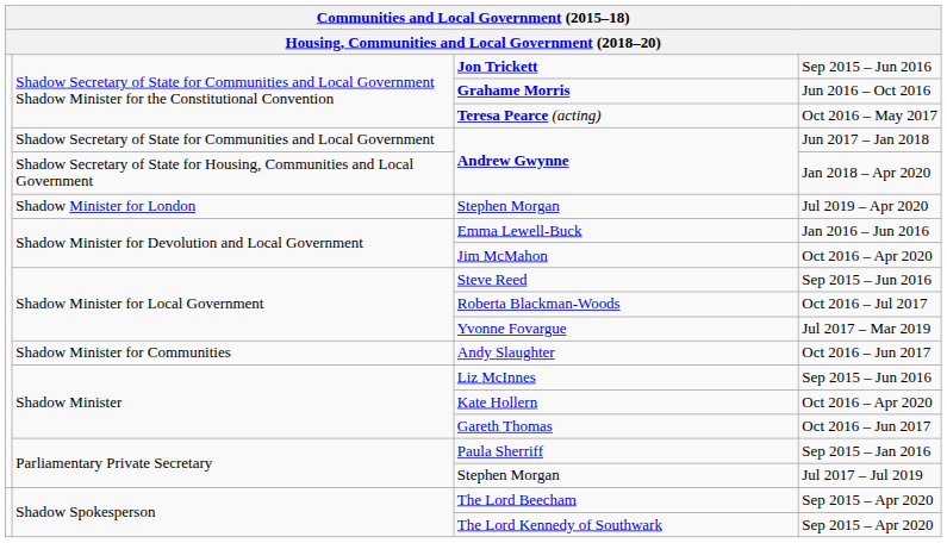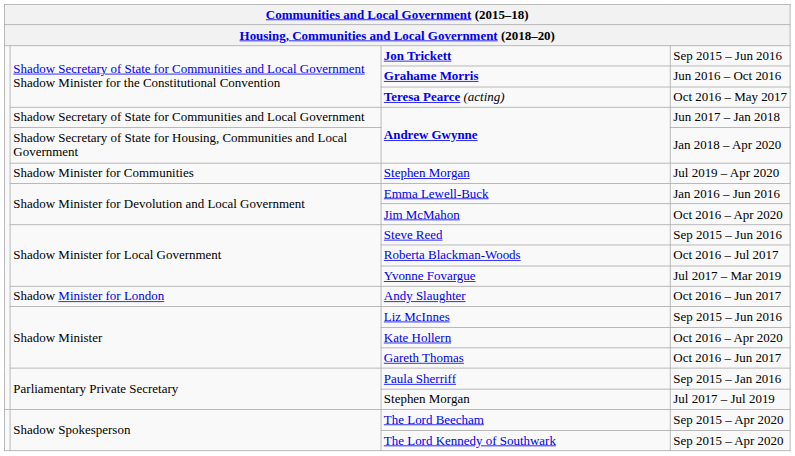 <table class="wikitable">
 <tr>
 <th colspan="4"><a href='#'>Communities and Local Government</a> (2015–18)</th>
 </tr>
 <tr>
 <th colspan="4"><a href='#'>Housing, Communities and Local Government</a> (2018–20)</th>
 </tr>
 <tr>
 <td rowspan="17" style="background: "></td>
 <td rowspan="3" style="width: 450px;"><a href='#'>Shadow Secretary of State for Communities and Local Government</a><br>Shadow Minister for the Constitutional Convention</td>
 <td style="width: 350px;"><strong><a href='#'>Jon Trickett</a></strong></td>
 <td>Sep 2015 – Jun 2016</td>
 </tr>
 <tr>
 <td><strong><a href='#'>Grahame Morris</a></strong></td>
 <td>Jun 2016 – Oct 2016</td>
 </tr>
 <tr>
 <td><strong><a href='#'>Teresa Pearce</a></strong> <em>(acting)</em></td>
 <td>Oct 2016 – May 2017</td>
 </tr>
 <tr>
 <td>Shadow Secretary of State for Communities and Local Government</td>
 <td rowspan="2"><strong><a href='#'>Andrew Gwynne</a></strong></td>
 <td>Jun 2017 – Jan 2018</td>
 </tr>
 <tr>
 <td>Shadow Secretary of State for Housing, Communities and Local Government</td>
 <td>Jan 2018 – Apr 2020</td>
 </tr>
 <tr>
-<td>Shadow <a href='#'>Minister for London</a></td>
+<td>Shadow Minister for Communities</td>
 <td><a href='#'>Stephen Morgan</a></td>
 <td>Jul 2019 – Apr 2020</td>
 </tr>
 <tr>
 <td rowspan="2">Shadow Minister for Devolution and Local Government</td>
 <td><a href='#'>Emma Lewell-Buck</a></td>
 <td>Jan 2016 – Jun 2016</td>
 </tr>
 <tr>
 <td><a href='#'>Jim McMahon</a></td>
 <td>Oct 2016 – Apr 2020</td>
 </tr>
 <tr>
 <td rowspan="3">Shadow Minister for Local Government</td>
 <td colspan="1"><a href='#'>Steve Reed</a></td>
 <td>Sep 2015 – Jun 2016</td>
 </tr>
 <tr>
 <td><a href='#'>Roberta Blackman-Woods</a></td>
 <td>Oct 2016 – Jul 2017</td>
 </tr>
 <tr>
 <td><a href='#'>Yvonne Fovargue</a></td>
 <td>Jul 2017 – Mar 2019</td>
 </tr>
 <tr>
-<td>Shadow Minister for Communities</td>
+<td>Shadow <a href='#'>Minister for London</a></td>
 <td><a href='#'>Andy Slaughter</a></td>
 <td>Oct 2016 – Jun 2017</td>
 </tr>
 <tr>
 <td rowspan="3">Shadow Minister</td>
 <td colspan="1"><a href='#'>Liz McInnes</a></td>
 <td>Sep 2015 – Jun 2016</td>
 </tr>
 <tr>
 <td><a href='#'>Kate Hollern</a></td>
 <td>Oct 2016 – Apr 2020</td>
 </tr>
 <tr>
 <td><a href='#'>Gareth Thomas</a></td>
 <td>Oct 2016 – Jun 2017</td>
 </tr>
 <tr>
 <td rowspan="2">Parliamentary Private Secretary</td>
 <td><a href='#'>Paula Sherriff</a></td>
 <td>Sep 2015 – Jan 2016</td>
 </tr>
 <tr>
 <td>Stephen Morgan</td>
 <td>Jul 2017 – Jul 2019</td>
 </tr>
 <tr>
 <td rowspan="2" style="background: "></td>
 <td rowspan="2">Shadow Spokesperson</td>
 <td><a href='#'>The Lord Beecham</a></td>
 <td>Sep 2015 – Apr 2020</td>
 </tr>
 <tr>
 <td><a href='#'>The Lord Kennedy of Southwark</a></td>
 <td>Sep 2015 – Apr 2020</td>
 </tr>
 </table>
